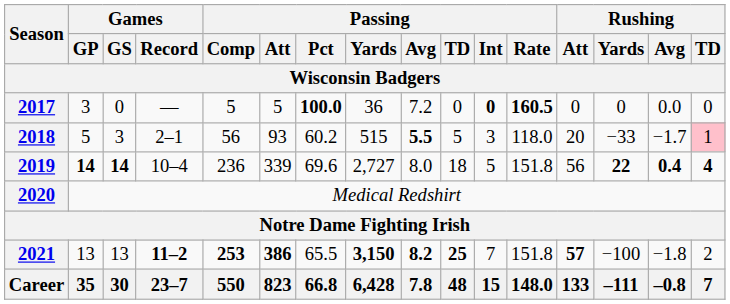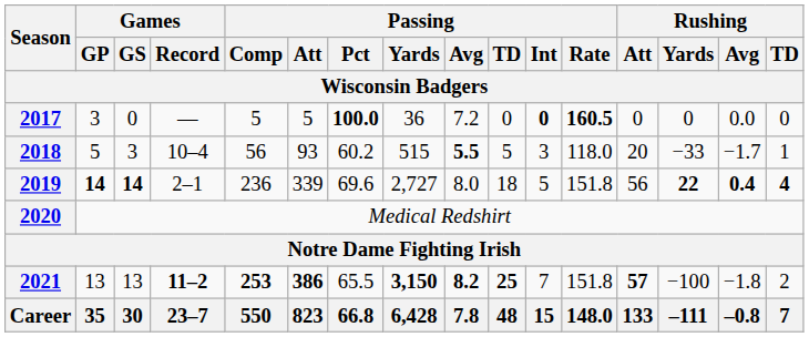 <table class="wikitable" style="text-align:center;">
 <tr>
 <th rowspan="2">Season</th>
 <th colspan="3">Games</th>
 <th colspan="8">Passing</th>
 <th colspan="4">Rushing</th>
 </tr>
 <tr>
 <th>GP</th>
 <th>GS</th>
 <th>Record</th>
 <th>Comp</th>
 <th>Att</th>
 <th>Pct</th>
 <th>Yards</th>
 <th>Avg</th>
 <th>TD</th>
 <th>Int</th>
 <th>Rate</th>
 <th>Att</th>
 <th>Yards</th>
 <th>Avg</th>
 <th>TD</th>
 </tr>
 <tr>
 <th colspan="16">Wisconsin Badgers</th>
 </tr>
 <tr>
 <th><a href='#'>2017</a></th>
 <td>3</td>
 <td>0</td>
 <td>—</td>
 <td>5</td>
 <td>5</td>
 <td><strong>100.0</strong></td>
 <td>36</td>
 <td>7.2</td>
 <td>0</td>
 <td><strong>0</strong></td>
 <td><strong>160.5</strong></td>
 <td>0</td>
 <td>0</td>
 <td>0.0</td>
 <td>0</td>
 </tr>
 <tr>
 <th><a href='#'>2018</a></th>
 <td>5</td>
 <td>3</td>
-<td>2–1</td>
+<td>10–4</td>
 <td>56</td>
 <td>93</td>
 <td>60.2</td>
 <td>515</td>
 <td><strong>5.5</strong></td>
 <td>5</td>
 <td>3</td>
 <td>118.0</td>
 <td>20</td>
 <td>−33</td>
 <td>−1.7</td>
-<td style="background: pink;">1</td>
+<td>1</td>
 </tr>
 <tr>
 <th><a href='#'>2019</a></th>
 <td><strong>14</strong></td>
 <td><strong>14</strong></td>
-<td>10–4</td>
+<td>2–1</td>
 <td>236</td>
 <td>339</td>
 <td>69.6</td>
 <td>2,727</td>
 <td>8.0</td>
 <td>18</td>
 <td>5</td>
 <td>151.8</td>
 <td>56</td>
 <td><strong>22</strong></td>
 <td><strong>0.4</strong></td>
 <td><strong>4</strong></td>
 </tr>
 <tr>
 <th><a href='#'>2020</a></th>
 <td colspan="15"><em>Medical Redshirt </em></td>
 </tr>
 <tr>
 <th colspan="16">Notre Dame Fighting Irish</th>
 </tr>
 <tr>
 <th><a href='#'>2021</a></th>
 <td>13</td>
 <td>13</td>
 <td><strong>11–2</strong></td>
 <td><strong>253</strong></td>
 <td><strong>386</strong></td>
 <td>65.5</td>
 <td><strong>3,150</strong></td>
 <td><strong>8.2</strong></td>
 <td><strong>25</strong></td>
 <td>7</td>
 <td>151.8</td>
 <td><strong>57</strong></td>
 <td>−100</td>
 <td>−1.8</td>
 <td>2</td>
 </tr>
 <tr>
 <th>Career</th>
 <th>35</th>
 <th>30</th>
 <th>23–7</th>
 <th>550</th>
 <th>823</th>
 <th>66.8</th>
 <th>6,428</th>
 <th>7.8</th>
 <th>48</th>
 <th>15</th>
 <th>148.0</th>
 <th>133</th>
 <th>–111</th>
 <th>–0.8</th>
 <th>7</th>
 </tr>
 </table>
